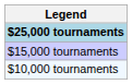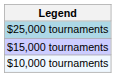 <table class="wikitable" style="font-size:85%">
 <tr>
 <th>Legend</th>
 </tr>
 <tr style="background:lightblue;">
-<td><strong>$25,000 tournaments</strong></td>
+<td>$25,000 tournaments</td>
 </tr>
 <tr style="background:#ccccff;">
 <td>$15,000 tournaments</td>
 </tr>
 <tr style="background:#f0f8ff;">
 <td>$10,000 tournaments</td>
 </tr>
 </table>
